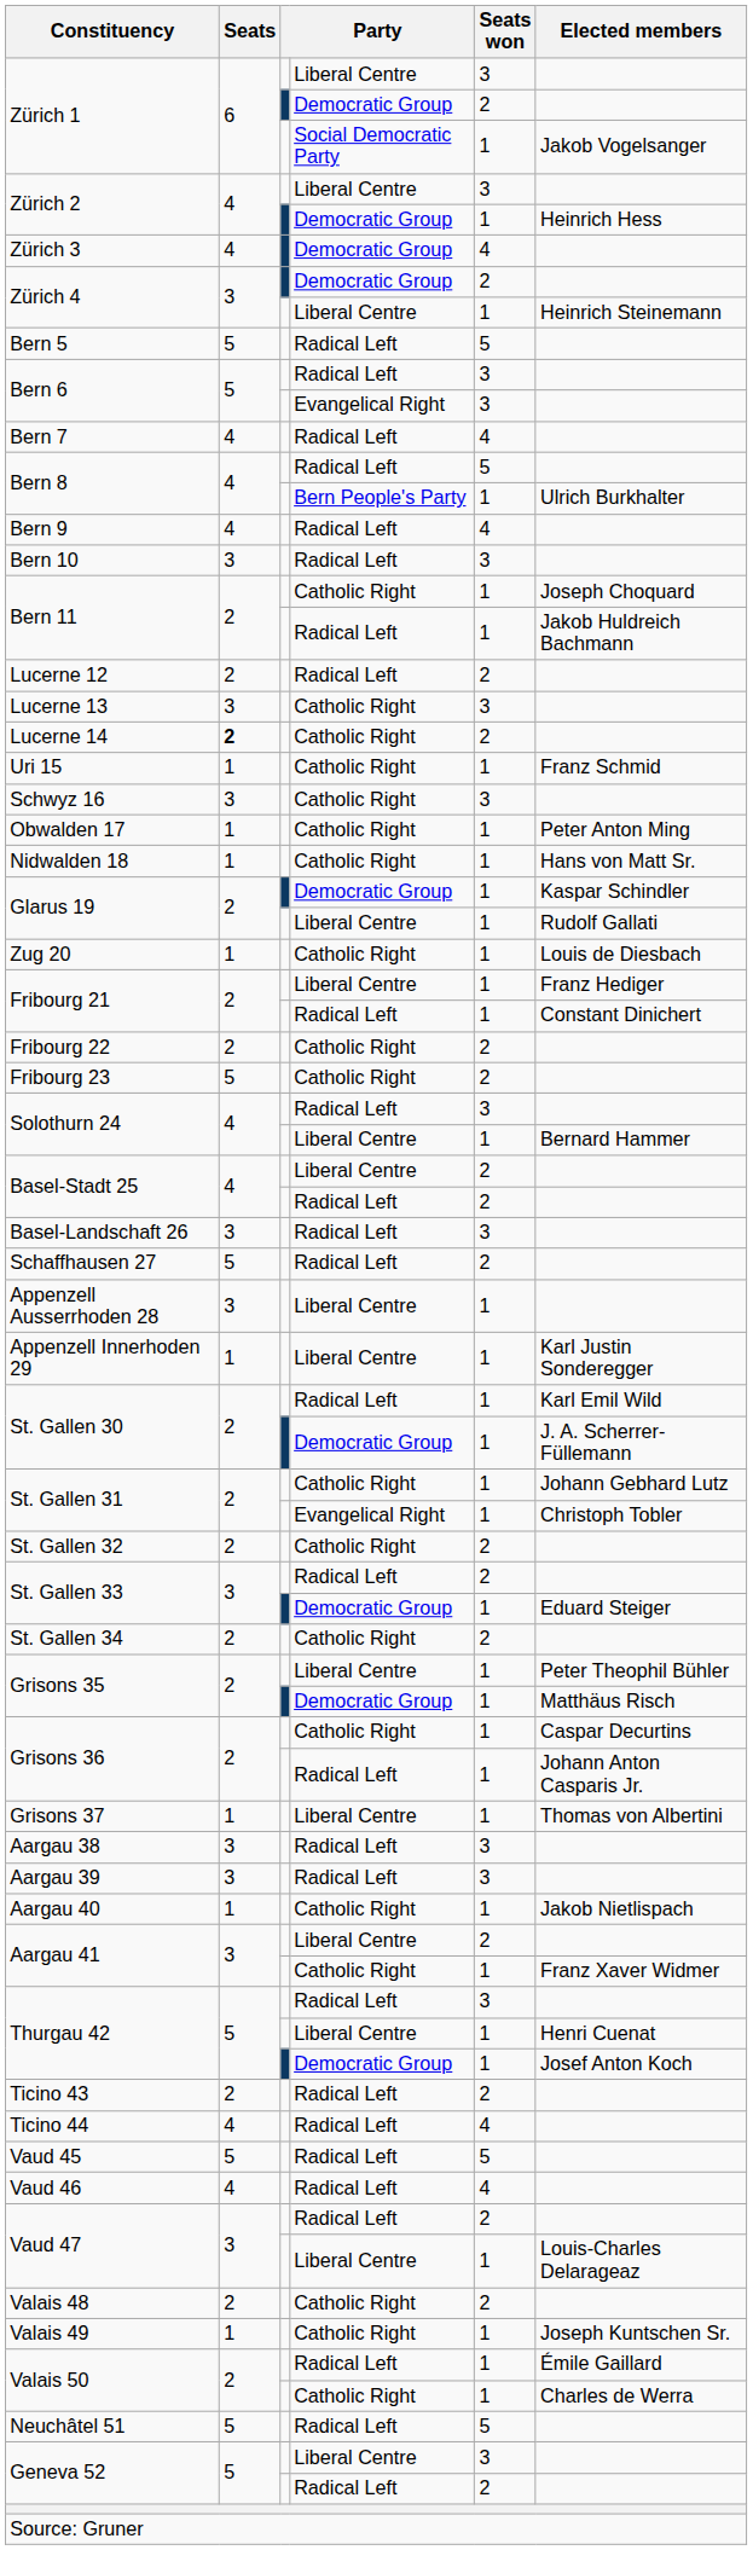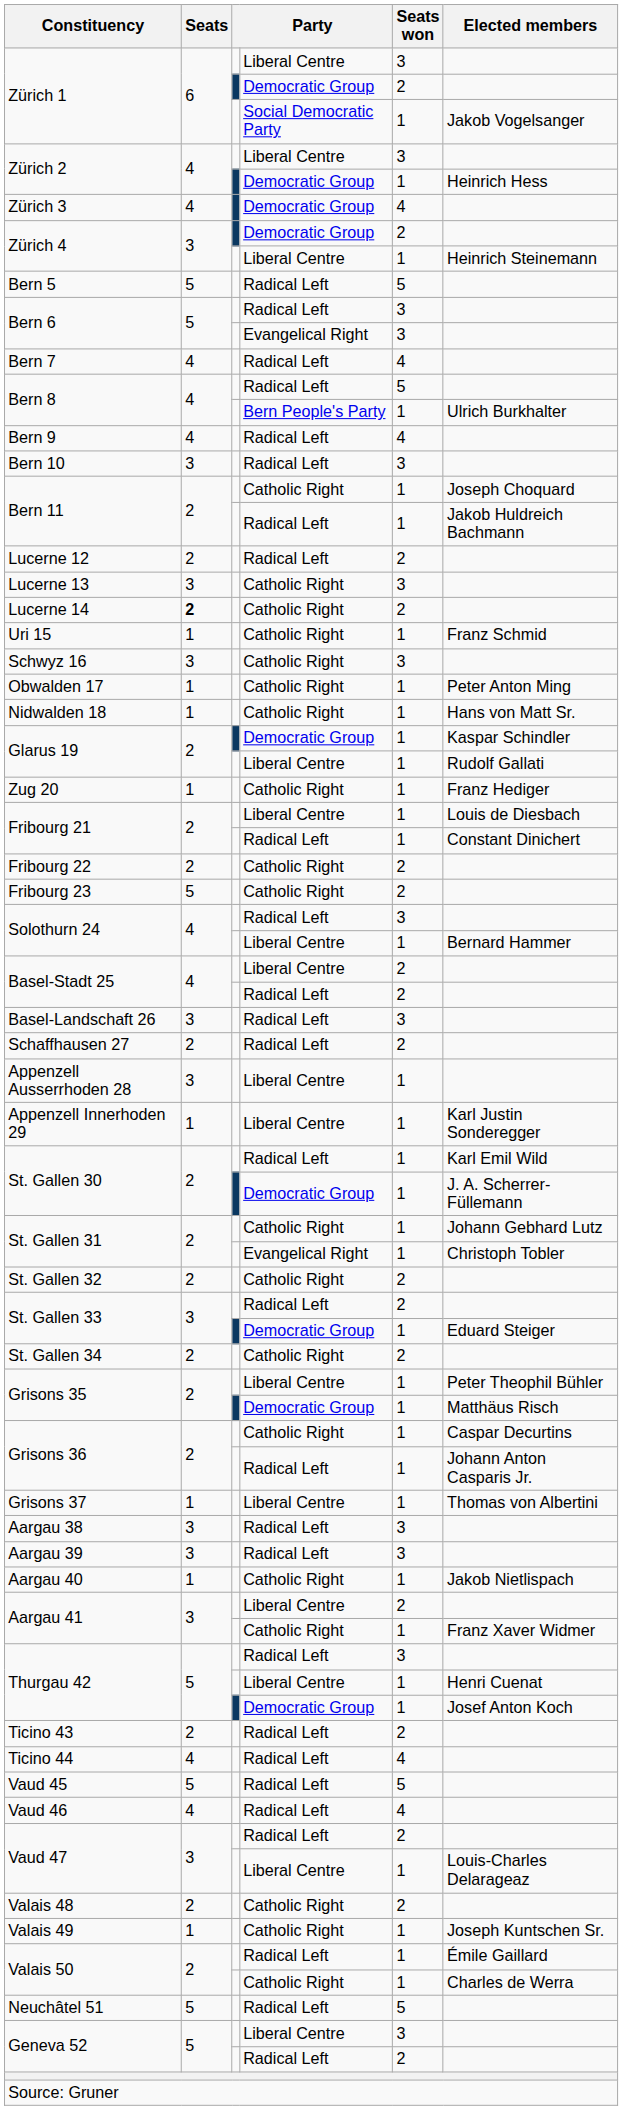 <table class="wikitable">
 <tr>
 <th>Constituency</th>
 <th>Seats</th>
 <th colspan="2">Party</th>
 <th>Seats<br>won</th>
 <th>Elected members</th>
 </tr>
 <tr>
 <td rowspan="3">Zürich 1</td>
 <td rowspan="3">6</td>
 <td style="color:inherit;background:"></td>
 <td>Liberal Centre</td>
 <td>3</td>
 <td></td>
 </tr>
 <tr>
 <td style="color:inherit;background:#0B3861"></td>
 <td><a href='#'>Democratic Group</a></td>
 <td>2</td>
 <td></td>
 </tr>
 <tr>
 <td style="color:inherit;background:"></td>
 <td><a href='#'>Social Democratic Party</a></td>
 <td>1</td>
 <td>Jakob Vogelsanger</td>
 </tr>
 <tr>
 <td rowspan="2">Zürich 2</td>
 <td rowspan="2">4</td>
 <td style="color:inherit;background:"></td>
 <td>Liberal Centre</td>
 <td>3</td>
 <td></td>
 </tr>
 <tr>
 <td style="color:inherit;background:#0B3861"></td>
 <td><a href='#'>Democratic Group</a></td>
 <td>1</td>
 <td>Heinrich Hess</td>
 </tr>
 <tr>
 <td>Zürich 3</td>
 <td>4</td>
 <td style="color:inherit;background:#0B3861"></td>
 <td><a href='#'>Democratic Group</a></td>
 <td>4</td>
 <td></td>
 </tr>
 <tr>
 <td rowspan="2">Zürich 4</td>
 <td rowspan="2">3</td>
 <td style="color:inherit;background:#0B3861"></td>
 <td><a href='#'>Democratic Group</a></td>
 <td>2</td>
 <td></td>
 </tr>
 <tr>
 <td style="color:inherit;background:"></td>
 <td>Liberal Centre</td>
 <td>1</td>
 <td>Heinrich Steinemann</td>
 </tr>
 <tr>
 <td>Bern 5</td>
 <td>5</td>
 <td style="color:inherit;background:"></td>
 <td>Radical Left</td>
 <td>5</td>
 <td></td>
 </tr>
 <tr>
 <td rowspan="2">Bern 6</td>
 <td rowspan="2">5</td>
 <td style="color:inherit;background:"></td>
 <td>Radical Left</td>
 <td>3</td>
 <td></td>
 </tr>
 <tr>
 <td style="color:inherit;background:"></td>
 <td>Evangelical Right</td>
 <td>3</td>
 <td></td>
 </tr>
 <tr>
 <td>Bern 7</td>
 <td>4</td>
 <td style="color:inherit;background:"></td>
 <td>Radical Left</td>
 <td>4</td>
 <td></td>
 </tr>
 <tr>
 <td rowspan="2">Bern 8</td>
 <td rowspan="2">4</td>
 <td style="color:inherit;background:"></td>
 <td>Radical Left</td>
 <td>5</td>
 <td></td>
 </tr>
 <tr>
 <td style="color:inherit;background:"></td>
 <td><a href='#'>Bern People's Party</a></td>
 <td>1</td>
 <td>Ulrich Burkhalter</td>
 </tr>
 <tr>
 <td>Bern 9</td>
 <td>4</td>
 <td style="color:inherit;background:"></td>
 <td>Radical Left</td>
 <td>4</td>
 <td></td>
 </tr>
 <tr>
 <td>Bern 10</td>
 <td>3</td>
 <td style="color:inherit;background:"></td>
 <td>Radical Left</td>
 <td>3</td>
 <td></td>
 </tr>
 <tr>
 <td rowspan="2">Bern 11</td>
 <td rowspan="2">2</td>
 <td style="color:inherit;background:"></td>
 <td>Catholic Right</td>
 <td>1</td>
 <td>Joseph Choquard</td>
 </tr>
 <tr>
 <td style="color:inherit;background:"></td>
 <td>Radical Left</td>
 <td>1</td>
 <td>Jakob Huldreich Bachmann</td>
 </tr>
 <tr>
 <td>Lucerne 12</td>
 <td>2</td>
 <td style="color:inherit;background:"></td>
 <td>Radical Left</td>
 <td>2</td>
 <td></td>
 </tr>
 <tr>
 <td>Lucerne 13</td>
 <td>3</td>
 <td style="color:inherit;background:"></td>
 <td>Catholic Right</td>
 <td>3</td>
 <td></td>
 </tr>
 <tr>
 <td>Lucerne 14</td>
 <td><strong>2</strong></td>
 <td style="color:inherit;background:"></td>
 <td>Catholic Right</td>
 <td>2</td>
 <td></td>
 </tr>
 <tr>
 <td>Uri 15</td>
 <td>1</td>
 <td style="color:inherit;background:"></td>
 <td>Catholic Right</td>
 <td>1</td>
 <td>Franz Schmid</td>
 </tr>
 <tr>
 <td>Schwyz 16</td>
 <td>3</td>
 <td style="color:inherit;background:"></td>
 <td>Catholic Right</td>
 <td>3</td>
 <td></td>
 </tr>
 <tr>
 <td>Obwalden 17</td>
 <td>1</td>
 <td style="color:inherit;background:"></td>
 <td>Catholic Right</td>
 <td>1</td>
 <td>Peter Anton Ming</td>
 </tr>
 <tr>
 <td>Nidwalden 18</td>
 <td>1</td>
 <td style="color:inherit;background:"></td>
 <td>Catholic Right</td>
 <td>1</td>
 <td>Hans von Matt Sr.</td>
 </tr>
 <tr>
 <td rowspan="2">Glarus 19</td>
 <td rowspan="2">2</td>
 <td style="color:inherit;background:#0B3861"></td>
 <td><a href='#'>Democratic Group</a></td>
 <td>1</td>
 <td>Kaspar Schindler</td>
 </tr>
 <tr>
 <td style="color:inherit;background:"></td>
 <td>Liberal Centre</td>
 <td>1</td>
 <td>Rudolf Gallati</td>
 </tr>
 <tr>
 <td>Zug 20</td>
 <td>1</td>
 <td style="color:inherit;background:"></td>
 <td>Catholic Right</td>
 <td>1</td>
-<td>Louis de Diesbach</td>
+<td>Franz Hediger</td>
 </tr>
 <tr>
 <td rowspan="2">Fribourg 21</td>
 <td rowspan="2">2</td>
 <td style="color:inherit;background:"></td>
 <td>Liberal Centre</td>
 <td>1</td>
-<td>Franz Hediger</td>
+<td>Louis de Diesbach</td>
 </tr>
 <tr>
 <td style="color:inherit;background:"></td>
 <td>Radical Left</td>
 <td>1</td>
 <td>Constant Dinichert</td>
 </tr>
 <tr>
 <td>Fribourg 22</td>
 <td>2</td>
 <td style="color:inherit;background:"></td>
 <td>Catholic Right</td>
 <td>2</td>
 <td></td>
 </tr>
 <tr>
 <td>Fribourg 23</td>
 <td>5</td>
 <td style="color:inherit;background:"></td>
 <td>Catholic Right</td>
 <td>2</td>
 <td></td>
 </tr>
 <tr>
 <td rowspan="2">Solothurn 24</td>
 <td rowspan="2">4</td>
 <td style="color:inherit;background:"></td>
 <td>Radical Left</td>
 <td>3</td>
 <td></td>
 </tr>
 <tr>
 <td style="color:inherit;background:"></td>
 <td>Liberal Centre</td>
 <td>1</td>
 <td>Bernard Hammer</td>
 </tr>
 <tr>
 <td rowspan="2">Basel-Stadt 25</td>
 <td rowspan="2">4</td>
 <td style="color:inherit;background:"></td>
 <td>Liberal Centre</td>
 <td>2</td>
 <td></td>
 </tr>
 <tr>
 <td style="color:inherit;background:"></td>
 <td>Radical Left</td>
 <td>2</td>
 <td></td>
 </tr>
 <tr>
 <td>Basel-Landschaft 26</td>
 <td>3</td>
 <td style="color:inherit;background:"></td>
 <td>Radical Left</td>
 <td>3</td>
 <td></td>
 </tr>
 <tr>
 <td>Schaffhausen 27</td>
-<td>5</td>
+<td>2</td>
 <td style="color:inherit;background:"></td>
 <td>Radical Left</td>
 <td>2</td>
 <td></td>
 </tr>
 <tr>
 <td>Appenzell Ausserrhoden 28</td>
 <td>3</td>
 <td style="color:inherit;background:"></td>
 <td>Liberal Centre</td>
 <td>1</td>
 <td></td>
 </tr>
 <tr>
 <td>Appenzell Innerhoden 29</td>
 <td>1</td>
 <td style="color:inherit;background:"></td>
 <td>Liberal Centre</td>
 <td>1</td>
 <td>Karl Justin Sonderegger</td>
 </tr>
 <tr>
 <td rowspan="2">St. Gallen 30</td>
 <td rowspan="2">2</td>
 <td style="color:inherit;background:"></td>
 <td>Radical Left</td>
 <td>1</td>
 <td>Karl Emil Wild</td>
 </tr>
 <tr>
 <td style="color:inherit;background:#0B3861"></td>
 <td><a href='#'>Democratic Group</a></td>
 <td>1</td>
 <td>J. A. Scherrer-Füllemann</td>
 </tr>
 <tr>
 <td rowspan="2">St. Gallen 31</td>
 <td rowspan="2">2</td>
 <td style="color:inherit;background:"></td>
 <td>Catholic Right</td>
 <td>1</td>
 <td>Johann Gebhard Lutz</td>
 </tr>
 <tr>
 <td style="color:inherit;background:"></td>
 <td>Evangelical Right</td>
 <td>1</td>
 <td>Christoph Tobler</td>
 </tr>
 <tr>
 <td>St. Gallen 32</td>
 <td>2</td>
 <td style="color:inherit;background:"></td>
 <td>Catholic Right</td>
 <td>2</td>
 <td></td>
 </tr>
 <tr>
 <td rowspan="2">St. Gallen 33</td>
 <td rowspan="2">3</td>
 <td style="color:inherit;background:"></td>
 <td>Radical Left</td>
 <td>2</td>
 <td></td>
 </tr>
 <tr>
 <td style="color:inherit;background:#0B3861"></td>
 <td><a href='#'>Democratic Group</a></td>
 <td>1</td>
 <td>Eduard Steiger</td>
 </tr>
 <tr>
 <td>St. Gallen 34</td>
 <td>2</td>
 <td style="color:inherit;background:"></td>
 <td>Catholic Right</td>
 <td>2</td>
 <td></td>
 </tr>
 <tr>
 <td rowspan="2">Grisons 35</td>
 <td rowspan="2">2</td>
 <td style="color:inherit;background:"></td>
 <td>Liberal Centre</td>
 <td>1</td>
 <td>Peter Theophil Bühler</td>
 </tr>
 <tr>
 <td style="color:inherit;background:#0B3861"></td>
 <td><a href='#'>Democratic Group</a></td>
 <td>1</td>
 <td>Matthäus Risch</td>
 </tr>
 <tr>
 <td rowspan="2">Grisons 36</td>
 <td rowspan="2">2</td>
 <td style="color:inherit;background:"></td>
 <td>Catholic Right</td>
 <td>1</td>
 <td>Caspar Decurtins</td>
 </tr>
 <tr>
 <td style="color:inherit;background:"></td>
 <td>Radical Left</td>
 <td>1</td>
 <td>Johann Anton Casparis Jr.</td>
 </tr>
 <tr>
 <td>Grisons 37</td>
 <td>1</td>
 <td style="color:inherit;background:"></td>
 <td>Liberal Centre</td>
 <td>1</td>
 <td>Thomas von Albertini</td>
 </tr>
 <tr>
 <td>Aargau 38</td>
 <td>3</td>
 <td style="color:inherit;background:"></td>
 <td>Radical Left</td>
 <td>3</td>
 <td></td>
 </tr>
 <tr>
 <td>Aargau 39</td>
 <td>3</td>
 <td style="color:inherit;background:"></td>
 <td>Radical Left</td>
 <td>3</td>
 <td></td>
 </tr>
 <tr>
 <td>Aargau 40</td>
 <td>1</td>
 <td style="color:inherit;background:"></td>
 <td>Catholic Right</td>
 <td>1</td>
 <td>Jakob Nietlispach</td>
 </tr>
 <tr>
 <td rowspan="2">Aargau 41</td>
 <td rowspan="2">3</td>
 <td style="color:inherit;background:"></td>
 <td>Liberal Centre</td>
 <td>2</td>
 <td></td>
 </tr>
 <tr>
 <td style="color:inherit;background:"></td>
 <td>Catholic Right</td>
 <td>1</td>
 <td>Franz Xaver Widmer</td>
 </tr>
 <tr>
 <td rowspan="3">Thurgau 42</td>
 <td rowspan="3">5</td>
 <td style="color:inherit;background:"></td>
 <td>Radical Left</td>
 <td>3</td>
 <td></td>
 </tr>
 <tr>
 <td style="color:inherit;background:"></td>
 <td>Liberal Centre</td>
 <td>1</td>
 <td>Henri Cuenat</td>
 </tr>
 <tr>
 <td style="color:inherit;background:#0B3861"></td>
 <td><a href='#'>Democratic Group</a></td>
 <td>1</td>
 <td>Josef Anton Koch</td>
 </tr>
 <tr>
 <td>Ticino 43</td>
 <td>2</td>
 <td style="color:inherit;background:"></td>
 <td>Radical Left</td>
 <td>2</td>
 <td></td>
 </tr>
 <tr>
 <td>Ticino 44</td>
 <td>4</td>
 <td style="color:inherit;background:"></td>
 <td>Radical Left</td>
 <td>4</td>
 <td></td>
 </tr>
 <tr>
 <td>Vaud 45</td>
 <td>5</td>
 <td style="color:inherit;background:"></td>
 <td>Radical Left</td>
 <td>5</td>
 <td></td>
 </tr>
 <tr>
 <td>Vaud 46</td>
 <td>4</td>
 <td style="color:inherit;background:"></td>
 <td>Radical Left</td>
 <td>4</td>
 <td></td>
 </tr>
 <tr>
 <td rowspan="2">Vaud 47</td>
 <td rowspan="2">3</td>
 <td style="color:inherit;background:"></td>
 <td>Radical Left</td>
 <td>2</td>
 <td></td>
 </tr>
 <tr>
 <td style="color:inherit;background:"></td>
 <td>Liberal Centre</td>
 <td>1</td>
 <td>Louis-Charles Delarageaz</td>
 </tr>
 <tr>
 <td>Valais 48</td>
 <td>2</td>
 <td style="color:inherit;background:"></td>
 <td>Catholic Right</td>
 <td>2</td>
 <td></td>
 </tr>
 <tr>
 <td>Valais 49</td>
 <td>1</td>
 <td style="color:inherit;background:"></td>
 <td>Catholic Right</td>
 <td>1</td>
 <td>Joseph Kuntschen Sr.</td>
 </tr>
 <tr>
 <td rowspan="2">Valais 50</td>
 <td rowspan="2">2</td>
 <td style="color:inherit;background:"></td>
 <td>Radical Left</td>
 <td>1</td>
 <td>Émile Gaillard</td>
 </tr>
 <tr>
 <td style="color:inherit;background:"></td>
 <td>Catholic Right</td>
 <td>1</td>
 <td>Charles de Werra</td>
 </tr>
 <tr>
 <td>Neuchâtel 51</td>
 <td>5</td>
 <td style="color:inherit;background:"></td>
 <td>Radical Left</td>
 <td>5</td>
 <td></td>
 </tr>
 <tr>
 <td rowspan="2">Geneva 52</td>
 <td rowspan="2">5</td>
 <td style="color:inherit;background:"></td>
 <td>Liberal Centre</td>
 <td>3</td>
 <td></td>
 </tr>
 <tr>
 <td style="color:inherit;background:"></td>
 <td>Radical Left</td>
 <td>2</td>
 <td></td>
 </tr>
 <tr>
 <th colspan="6"></th>
 </tr>
 <tr>
 <td colspan="6">Source: Gruner</td>
 </tr>
 </table>
